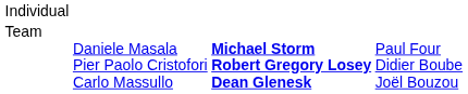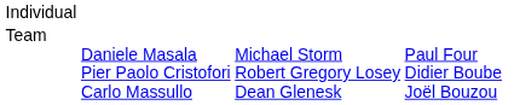 <table>
 <tr valign="top">
 <td>Individual<br></td>
 <td></td>
 <td></td>
 <td></td>
 </tr>
 <tr valign="top">
 <td>Team<br></td>
 <td><br><a href='#'>Daniele Masala</a><br><a href='#'>Pier Paolo Cristofori</a><br><a href='#'>Carlo Massullo</a></td>
-<td><strong><br><a href='#'>Michael Storm</a><br><a href='#'>Robert Gregory Losey</a><br><a href='#'>Dean Glenesk</a></strong></td>
+<td><br><a href='#'>Michael Storm</a><br><a href='#'>Robert Gregory Losey</a><br><a href='#'>Dean Glenesk</a></td>
 <td><br><a href='#'>Paul Four</a><br><a href='#'>Didier Boube</a><br><a href='#'>Joël Bouzou</a></td>
 </tr>
 </table>
